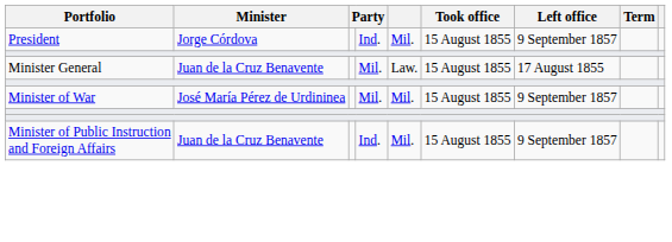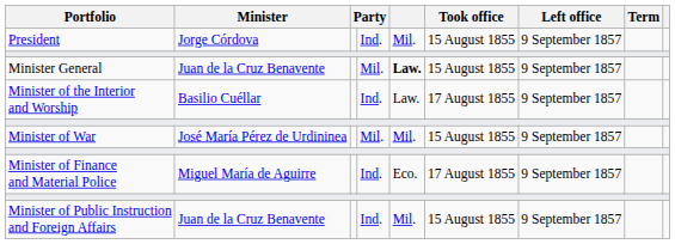 <table class="wikitable" style="font-size:90%;">
 <tr>
 <th>Portfolio</th>
 <th>Minister</th>
 <th colspan="2">Party</th>
 <th></th>
 <th>Took office</th>
 <th>Left office</th>
 <th>Term</th>
 <th></th>
 </tr>
 <tr>
 <td><a href='#'>President</a></td>
 <td><a href='#'>Jorge Córdova</a></td>
 <td style="background-color:"></td>
 <td><a href='#'>Ind</a>.</td>
 <td><a href='#'>Mil</a>.</td>
 <td>15 August 1855</td>
 <td>9 September 1857</td>
 <td></td>
 <td></td>
 </tr>
 <tr>
 <td colspan="9" bgcolor="#EAECF0"></td>
 </tr>
 <tr>
 <td>Minister General</td>
 <td><a href='#'>Juan de la Cruz Benavente</a></td>
 <td style="background-color:"></td>
 <td><a href='#'>Mil</a>.</td>
+<td><strong>Law.</strong></td>
+<td>15 August 1855</td>
+<td>9 September 1857</td>
+<td></td>
+<td></td>
+</tr>
+<tr>
+<td><a href='#'>Minister of the Interior<br>and Worship</a></td>
+<td><a href='#'>Basilio Cuéllar</a></td>
+<td style="background-color:"></td>
+<td><a href='#'>Ind</a>.</td>
 <td>Law.</td>
-<td>15 August 1855</td>
 <td>17 August 1855</td>
+<td>9 September 1857</td>
 <td></td>
 <td></td>
 </tr>
 <tr>
 <td colspan="9" bgcolor="#EAECF0"></td>
 </tr>
 <tr>
 <td><a href='#'>Minister of War</a></td>
 <td><a href='#'>José María Pérez de Urdininea</a></td>
 <td style="background-color:"></td>
 <td><a href='#'>Mil</a>.</td>
 <td><a href='#'>Mil</a>.</td>
 <td>15 August 1855</td>
 <td>9 September 1857</td>
 <td></td>
 <td></td>
 </tr>
 <tr>
 <td colspan="9" bgcolor="#EAECF0"></td>
 </tr>
 <tr>
+<td><a href='#'>Minister of Finance<br>and Material Police</a></td>
+<td><a href='#'>Miguel María de Aguirre</a></td>
+<td style="background-color:"></td>
+<td><a href='#'>Ind</a>.</td>
+<td>Eco.</td>
+<td>17 August 1855</td>
+<td>9 September 1857</td>
+<td></td>
+<td></td>
+</tr>
+<tr>
 <td colspan="9" bgcolor="#EAECF0"></td>
 </tr>
 <tr>
 <td><a href='#'>Minister of Public Instruction<br>and Foreign Affairs</a></td>
 <td><a href='#'>Juan de la Cruz Benavente</a></td>
 <td style="background-color:"></td>
 <td><a href='#'>Ind</a>.</td>
 <td><a href='#'>Mil</a>.</td>
 <td>15 August 1855</td>
 <td>9 September 1857</td>
 <td></td>
 <td></td>
 </tr>
 </table>
